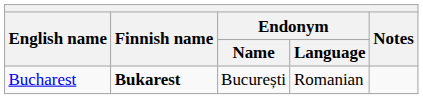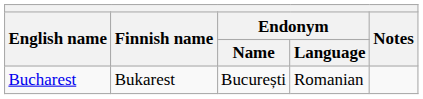 <table class="wikitable sortable">
 <tr>
 <th colspan="5"></th>
 </tr>
 <tr>
 <th rowspan="2">English name</th>
 <th rowspan="2">Finnish name</th>
 <th colspan="2">Endonym</th>
 <th rowspan="2">Notes</th>
 </tr>
 <tr>
 <th>Name</th>
 <th>Language</th>
 </tr>
 <tr>
 <td><a href='#'>Bucharest</a></td>
-<td><strong>Bukarest</strong></td>
+<td>Bukarest</td>
 <td>București</td>
 <td>Romanian</td>
 <td></td>
 </tr>
 </table>
